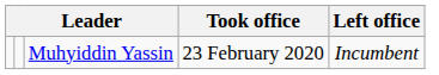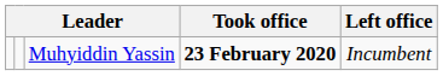 <table class="wikitable" style="text-align: center;">
 <tr>
 <th colspan="3">Leader</th>
 <th>Took office</th>
 <th>Left office</th>
 </tr>
 <tr>
 <td style="background: "></td>
 <td></td>
 <td><a href='#'>Muhyiddin Yassin</a></td>
-<td>23 February 2020</td>
+<td><strong>23 February 2020</strong></td>
 <td><em>Incumbent</em></td>
 </tr>
 </table>
